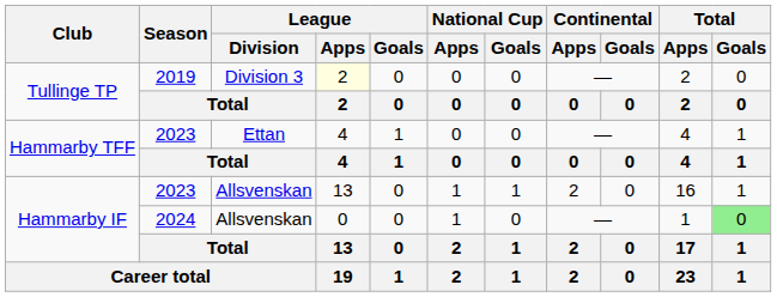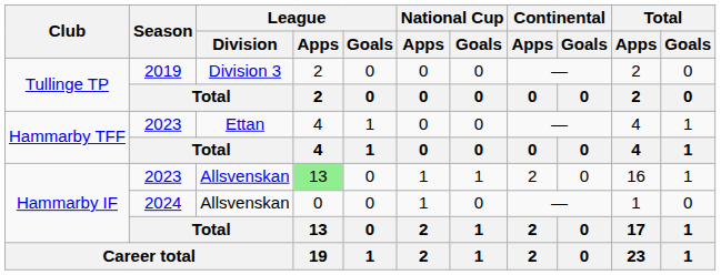 <table class="wikitable" style="text-align:center;">
 <tr>
 <th rowspan="2">Club</th>
 <th rowspan="2">Season</th>
 <th colspan="3">League</th>
 <th colspan="2">National Cup</th>
 <th colspan="2">Continental</th>
 <th colspan="2">Total</th>
 </tr>
 <tr>
 <th>Division</th>
 <th>Apps</th>
 <th>Goals</th>
 <th>Apps</th>
 <th>Goals</th>
 <th>Apps</th>
 <th>Goals</th>
 <th>Apps</th>
 <th>Goals</th>
 </tr>
 <tr>
 <td rowspan=2><a href='#'>Tullinge TP</a></td>
 <td><a href='#'>2019</a></td>
 <td><a href='#'>Division 3</a></td>
-<td style="background: lightyellow;">2</td>
+<td>2</td>
 <td>0</td>
 <td>0</td>
 <td>0</td>
 <td colspan="2">—</td>
 <td>2</td>
 <td>0</td>
 </tr>
 <tr>
 <th colspan="2">Total</th>
 <th>2</th>
 <th>0</th>
 <th>0</th>
 <th>0</th>
 <th>0</th>
 <th>0</th>
 <th>2</th>
 <th>0</th>
 </tr>
 <tr>
 <td rowspan=2><a href='#'>Hammarby TFF</a></td>
 <td><a href='#'>2023</a></td>
 <td><a href='#'>Ettan</a></td>
 <td>4</td>
 <td>1</td>
 <td>0</td>
 <td>0</td>
 <td colspan="2">—</td>
 <td>4</td>
 <td>1</td>
 </tr>
 <tr>
 <th colspan="2">Total</th>
 <th>4</th>
 <th>1</th>
 <th>0</th>
 <th>0</th>
 <th>0</th>
 <th>0</th>
 <th>4</th>
 <th>1</th>
 </tr>
 <tr>
 <td rowspan=3><a href='#'>Hammarby IF</a></td>
 <td><a href='#'>2023</a></td>
 <td><a href='#'>Allsvenskan</a></td>
-<td>13</td>
+<td style="background: lightgreen;">13</td>
 <td>0</td>
 <td>1</td>
 <td>1</td>
 <td>2</td>
 <td>0</td>
 <td>16</td>
 <td>1</td>
 </tr>
 <tr>
 <td><a href='#'>2024</a></td>
 <td>Allsvenskan</td>
 <td>0</td>
 <td>0</td>
 <td>1</td>
 <td>0</td>
 <td colspan="2">—</td>
 <td>1</td>
-<td style="background: lightgreen;">0</td>
+<td>0</td>
 </tr>
 <tr>
 <th colspan="2">Total</th>
 <th>13</th>
 <th>0</th>
 <th>2</th>
 <th>1</th>
 <th>2</th>
 <th>0</th>
 <th>17</th>
 <th>1</th>
 </tr>
 <tr>
 <th colspan="3">Career total</th>
 <th>19</th>
 <th>1</th>
 <th>2</th>
 <th>1</th>
 <th>2</th>
 <th>0</th>
 <th>23</th>
 <th>1</th>
 </tr>
 </table>
